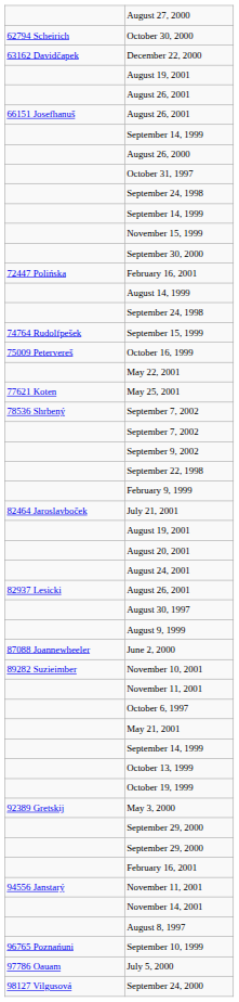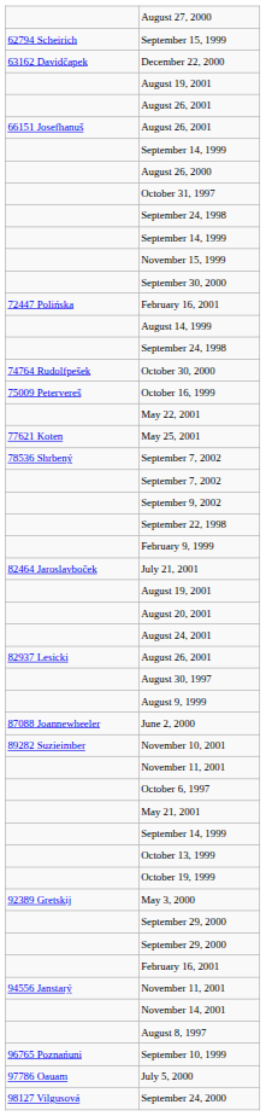 <table class="wikitable" style="font-size: 89%; float: left; width: 24em; margin-right: 1em; line-height: 1.6em !important; height: 1250px;">
 <tr>
 <td> </td>
 <td>August 27, 2000</td>
 </tr>
 <tr>
 <td><a href='#'>62794 Scheirich</a> </td>
-<td>October 30, 2000</td>
+<td>September 15, 1999</td>
 </tr>
 <tr>
 <td><a href='#'>63162 Davidčapek</a> </td>
 <td>December 22, 2000</td>
 </tr>
 <tr>
 <td> </td>
 <td>August 19, 2001</td>
 </tr>
 <tr>
 <td> </td>
 <td>August 26, 2001</td>
 </tr>
 <tr>
 <td><a href='#'>66151 Josefhanuš</a></td>
 <td>August 26, 2001</td>
 </tr>
 <tr>
 <td> </td>
 <td>September 14, 1999</td>
 </tr>
 <tr>
 <td> </td>
 <td>August 26, 2000</td>
 </tr>
 <tr>
 <td></td>
 <td>October 31, 1997</td>
 </tr>
 <tr>
 <td></td>
 <td>September 24, 1998</td>
 </tr>
 <tr>
 <td> </td>
 <td>September 14, 1999</td>
 </tr>
 <tr>
 <td></td>
 <td>November 15, 1999</td>
 </tr>
 <tr>
 <td> </td>
 <td>September 30, 2000</td>
 </tr>
 <tr>
 <td><a href='#'>72447 Polińska</a> </td>
 <td>February 16, 2001</td>
 </tr>
 <tr>
 <td> </td>
 <td>August 14, 1999</td>
 </tr>
 <tr>
 <td></td>
 <td>September 24, 1998</td>
 </tr>
 <tr>
 <td><a href='#'>74764 Rudolfpešek</a> </td>
-<td>September 15, 1999</td>
+<td>October 30, 2000</td>
 </tr>
 <tr>
 <td><a href='#'>75009 Petervereš</a> </td>
 <td>October 16, 1999</td>
 </tr>
 <tr>
 <td> </td>
 <td>May 22, 2001</td>
 </tr>
 <tr>
 <td><a href='#'>77621 Koten</a> </td>
 <td>May 25, 2001</td>
 </tr>
 <tr>
 <td><a href='#'>78536 Shrbený</a> </td>
 <td>September 7, 2002</td>
 </tr>
 <tr>
 <td> </td>
 <td>September 7, 2002</td>
 </tr>
 <tr>
 <td> </td>
 <td>September 9, 2002</td>
 </tr>
 <tr>
 <td></td>
 <td>September 22, 1998</td>
 </tr>
 <tr>
 <td></td>
 <td>February 9, 1999</td>
 </tr>
 <tr>
 <td><a href='#'>82464 Jaroslavboček</a> </td>
 <td>July 21, 2001</td>
 </tr>
 <tr>
 <td> </td>
 <td>August 19, 2001</td>
 </tr>
 <tr>
 <td> </td>
 <td>August 20, 2001</td>
 </tr>
 <tr>
 <td> </td>
 <td>August 24, 2001</td>
 </tr>
 <tr>
 <td><a href='#'>82937 Lesicki</a> </td>
 <td>August 26, 2001</td>
 </tr>
 <tr>
 <td> </td>
 <td>August 30, 1997</td>
 </tr>
 <tr>
 <td> </td>
 <td>August 9, 1999</td>
 </tr>
 <tr>
 <td><a href='#'>87088 Joannewheeler</a> </td>
 <td>June 2, 2000</td>
 </tr>
 <tr>
 <td><a href='#'>89282 Suzieimber</a> </td>
 <td>November 10, 2001</td>
 </tr>
 <tr>
 <td> </td>
 <td>November 11, 2001</td>
 </tr>
 <tr>
 <td></td>
 <td>October 6, 1997</td>
 </tr>
 <tr>
 <td> </td>
 <td>May 21, 2001</td>
 </tr>
 <tr>
 <td> </td>
 <td>September 14, 1999</td>
 </tr>
 <tr>
 <td> </td>
 <td>October 13, 1999</td>
 </tr>
 <tr>
 <td> </td>
 <td>October 19, 1999</td>
 </tr>
 <tr>
 <td><a href='#'>92389 Gretskij</a> </td>
 <td>May 3, 2000</td>
 </tr>
 <tr>
 <td> </td>
 <td>September 29, 2000</td>
 </tr>
 <tr>
 <td> </td>
 <td>September 29, 2000</td>
 </tr>
 <tr>
 <td> </td>
 <td>February 16, 2001</td>
 </tr>
 <tr>
 <td><a href='#'>94556 Janstarý</a> </td>
 <td>November 11, 2001</td>
 </tr>
 <tr>
 <td> </td>
 <td>November 14, 2001</td>
 </tr>
 <tr>
 <td></td>
 <td>August 8, 1997</td>
 </tr>
 <tr>
 <td><a href='#'>96765 Poznańuni</a> </td>
 <td>September 10, 1999</td>
 </tr>
 <tr>
 <td><a href='#'>97786 Oauam</a> </td>
 <td>July 5, 2000</td>
 </tr>
 <tr>
 <td><a href='#'>98127 Vilgusová</a> </td>
 <td>September 24, 2000</td>
 </tr>
 </table>
